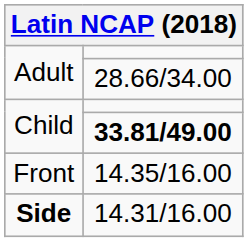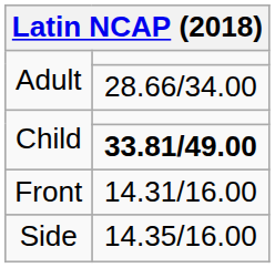 <table class="wikitable"style="text-align:center">
 <tr>
 <th colspan="2"><strong><a href='#'>Latin NCAP</a></strong> (2018)</th>
 </tr>
 <tr>
 <td rowspan=2>Adult</td>
 <td></td>
 </tr>
 <tr>
 <td>28.66/34.00</td>
 </tr>
 <tr>
 <td rowspan=2>Child</td>
 <td></td>
 </tr>
 <tr>
 <td><strong>33.81/49.00</strong></td>
 </tr>
 <tr>
 <td>Front</td>
+<td>14.31/16.00</td>
+</tr>
+<tr>
+<td>Side</td>
 <td>14.35/16.00</td>
 </tr>
-<tr>
-<td><strong>Side</strong></td>
-<td>14.31/16.00</td>
-</tr>
 </table>
